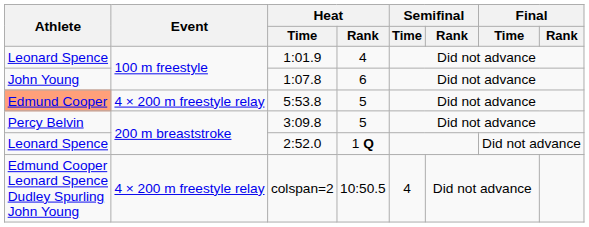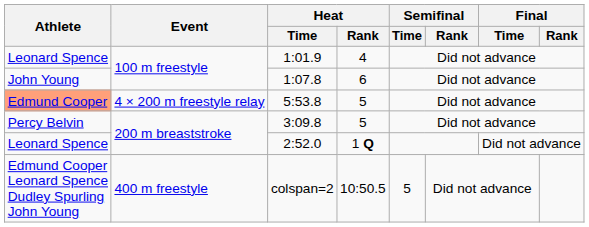 <table class=wikitable style="font-size:90%">
 <tr>
 <th rowspan="2">Athlete</th>
 <th rowspan="2">Event</th>
 <th colspan="2">Heat</th>
 <th colspan="2">Semifinal</th>
 <th colspan="2">Final</th>
 </tr>
 <tr style="font-size:95%">
 <th>Time</th>
 <th>Rank</th>
 <th>Time</th>
 <th>Rank</th>
 <th>Time</th>
 <th>Rank</th>
 </tr>
 <tr align=center>
 <td align=left><a href='#'>Leonard Spence</a></td>
 <td rowspan=2 align=left><a href='#'>100 m freestyle</a></td>
 <td>1:01.9</td>
 <td>4</td>
 <td colspan=4>Did not advance</td>
 </tr>
 <tr align=center>
 <td align=left><a href='#'>John Young</a></td>
 <td>1:07.8</td>
 <td>6</td>
 <td colspan=4>Did not advance</td>
 </tr>
 <tr align=center>
 <td align=left style="background: lightsalmon;"><a href='#'>Edmund Cooper</a></td>
 <td align=left><a href='#'>4 × 200 m freestyle relay</a></td>
 <td>5:53.8</td>
 <td>5</td>
 <td colspan=4>Did not advance</td>
 </tr>
 <tr align=center>
 <td align=left><a href='#'>Percy Belvin</a></td>
 <td rowspan=2 align=left><a href='#'>200 m breaststroke</a></td>
 <td>3:09.8</td>
 <td>5</td>
 <td colspan=4>Did not advance</td>
 </tr>
 <tr align=center>
 <td align=left><a href='#'>Leonard Spence</a></td>
 <td>2:52.0</td>
 <td>1 <strong>Q</strong></td>
 <td colspan=2></td>
 <td colspan=2>Did not advance</td>
 </tr>
 <tr align=center>
 <td align=left><a href='#'>Edmund Cooper</a><br><a href='#'>Leonard Spence</a><br><a href='#'>Dudley Spurling</a><br><a href='#'>John Young</a></td>
-<td align=left><a href='#'>4 × 200 m freestyle relay</a></td>
+<td align=left><a href='#'>400 m freestyle</a></td>
 <td>colspan=2 </td>
 <td>10:50.5</td>
-<td>4</td>
+<td>5</td>
 <td colspan=2>Did not advance</td>
 </tr>
 </table>
